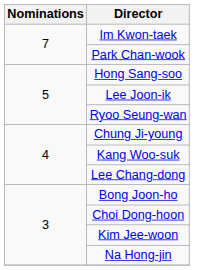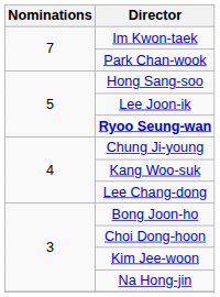 <table class="wikitable" style="text-align:center;">
 <tr>
 <th scope="col" width="55">Nominations</th>
 <th scope="col" align="center">Director</th>
 </tr>
 <tr>
 <td rowspan="2" style="text-align:center;">7</td>
 <td><a href='#'>Im Kwon-taek</a></td>
 </tr>
 <tr>
 <td><a href='#'>Park Chan-wook</a></td>
 </tr>
 <tr>
 <td rowspan="3" style="text-align:center;">5</td>
 <td><a href='#'>Hong Sang-soo</a></td>
 </tr>
 <tr>
 <td><a href='#'>Lee Joon-ik</a></td>
 </tr>
 <tr>
-<td><a href='#'>Ryoo Seung-wan</a></td>
+<td><strong><a href='#'>Ryoo Seung-wan</a></strong></td>
 </tr>
 <tr>
 <td rowspan="3" style="text-align:center;">4</td>
 <td><a href='#'>Chung Ji-young</a></td>
 </tr>
 <tr>
 <td><a href='#'>Kang Woo-suk</a></td>
 </tr>
 <tr>
 <td><a href='#'>Lee Chang-dong</a></td>
 </tr>
 <tr>
 <td rowspan="4" style="text-align:center;">3</td>
 <td><a href='#'>Bong Joon-ho</a></td>
 </tr>
 <tr>
 <td><a href='#'>Choi Dong-hoon</a></td>
 </tr>
 <tr>
 <td><a href='#'>Kim Jee-woon</a></td>
 </tr>
 <tr>
 <td><a href='#'>Na Hong-jin</a></td>
 </tr>
 <tr>
 </tr>
 </table>
